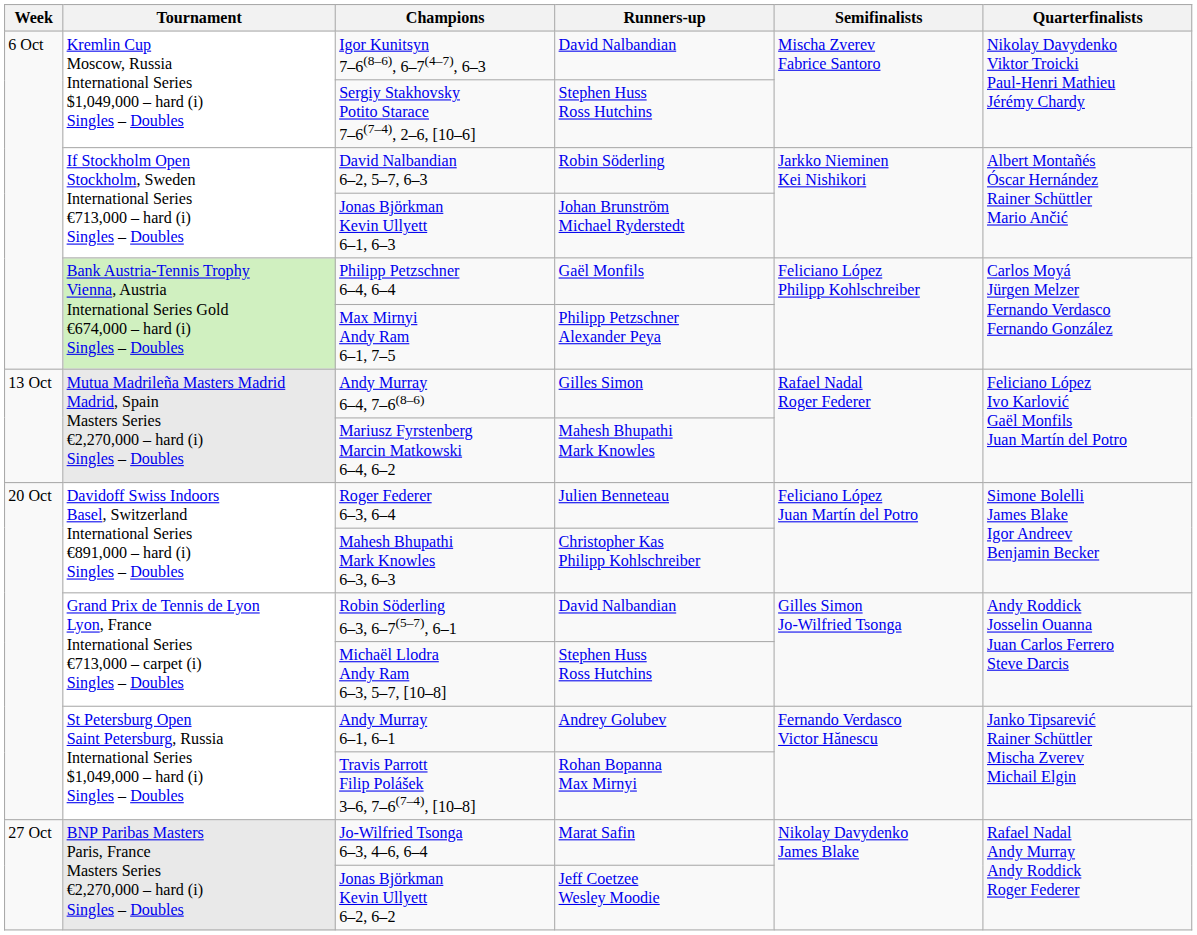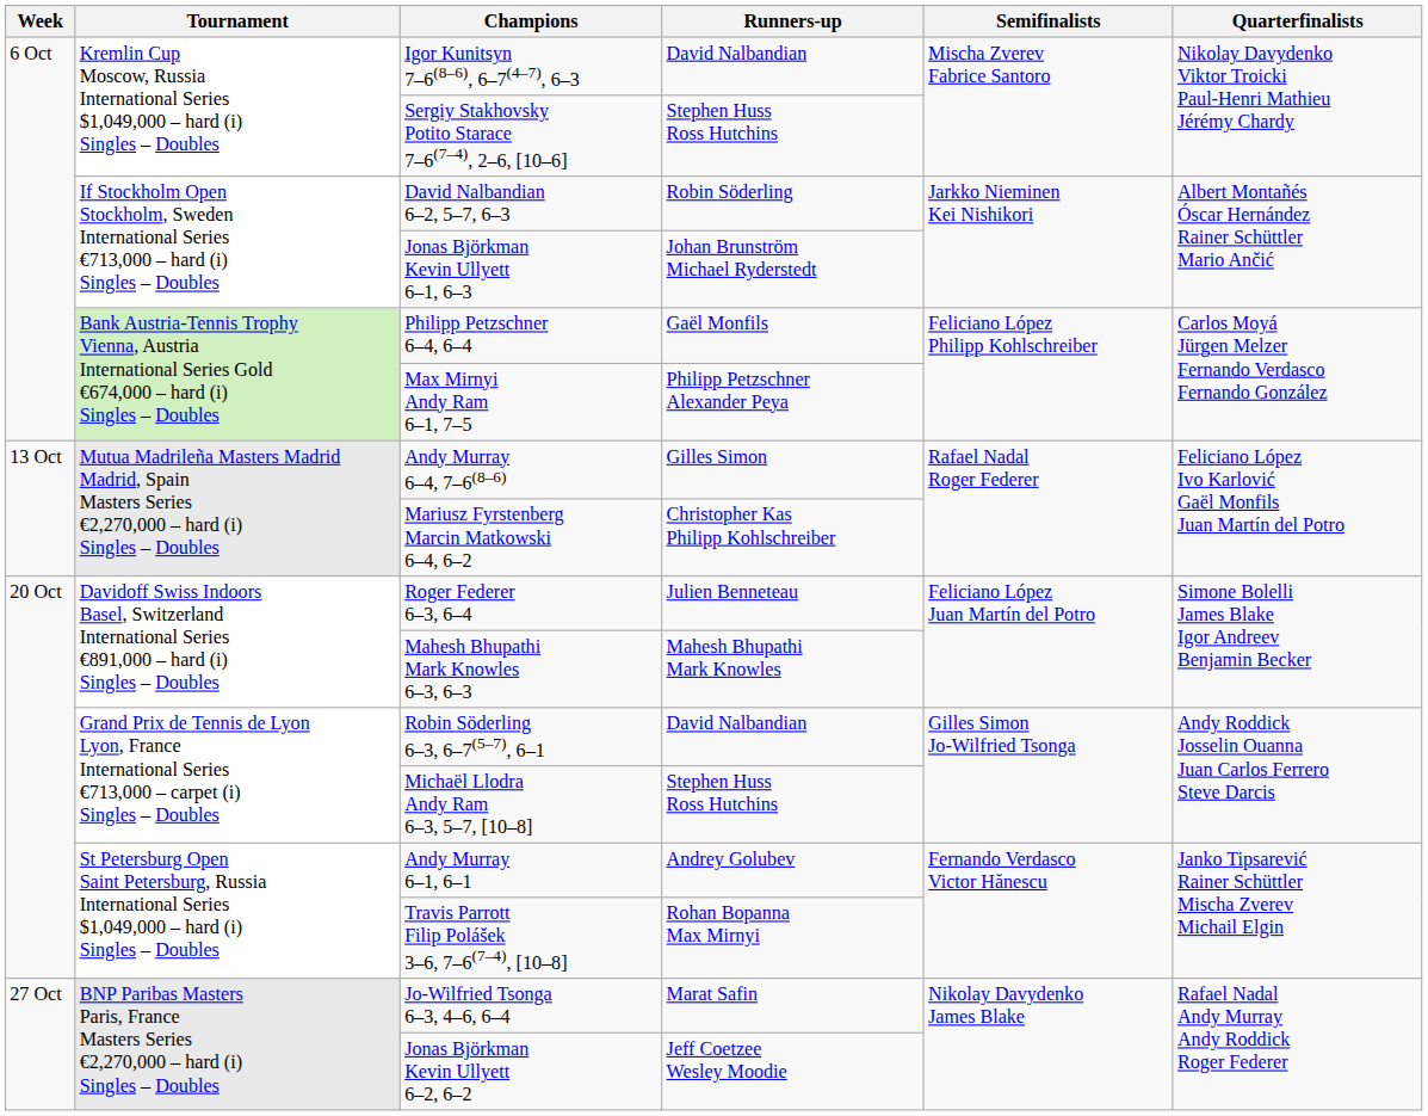 <table class=wikitable style=font-size:95%>
 <tr>
 <th style="width:48px;">Week</th>
 <th style="width:250px;">Tournament</th>
 <th style="width:200px;">Champions</th>
 <th style="width:200px;">Runners-up</th>
 <th style="width:190px;">Semifinalists</th>
 <th style="width:190px;">Quarterfinalists</th>
 </tr>
 <tr valign=top>
 <td rowspan=6>6 Oct</td>
 <td style="background:#FFF;" rowspan=2><a href='#'>Kremlin Cup</a><br> Moscow, Russia<br>International Series<br>$1,049,000 – hard (i) <br><a href='#'>Singles</a> – <a href='#'>Doubles</a></td>
 <td> <a href='#'>Igor Kunitsyn</a><br>7–6<sup>(8–6)</sup>, 6–7<sup>(4–7)</sup>, 6–3</td>
 <td> <a href='#'>David Nalbandian</a></td>
 <td rowspan=2> <a href='#'>Mischa Zverev</a> <br>  <a href='#'>Fabrice Santoro</a></td>
 <td rowspan=2> <a href='#'>Nikolay Davydenko</a><br> <a href='#'>Viktor Troicki</a><br> <a href='#'>Paul-Henri Mathieu</a><br> <a href='#'>Jérémy Chardy</a></td>
 </tr>
 <tr valign=top>
 <td> <a href='#'>Sergiy Stakhovsky</a> <br>  <a href='#'>Potito Starace</a><br>7–6<sup>(7–4)</sup>, 2–6, [10–6]</td>
 <td> <a href='#'>Stephen Huss</a> <br>  <a href='#'>Ross Hutchins</a></td>
 </tr>
 <tr valign=top>
 <td style="background:#FFF;" rowspan=2><a href='#'>If Stockholm Open</a><br> <a href='#'>Stockholm</a>, Sweden<br>International Series<br>€713,000 – hard (i) <br><a href='#'>Singles</a> – <a href='#'>Doubles</a></td>
 <td> <a href='#'>David Nalbandian</a><br>6–2, 5–7, 6–3</td>
 <td> <a href='#'>Robin Söderling</a></td>
 <td rowspan=2> <a href='#'>Jarkko Nieminen</a> <br>  <a href='#'>Kei Nishikori</a></td>
 <td rowspan=2> <a href='#'>Albert Montañés</a><br> <a href='#'>Óscar Hernández</a><br> <a href='#'>Rainer Schüttler</a><br> <a href='#'>Mario Ančić</a></td>
 </tr>
 <tr valign=top>
 <td> <a href='#'>Jonas Björkman</a> <br>  <a href='#'>Kevin Ullyett</a> <br> 6–1, 6–3</td>
 <td> <a href='#'>Johan Brunström</a> <br>  <a href='#'>Michael Ryderstedt</a></td>
 </tr>
 <tr valign=top>
 <td style="background:#d0f0c0;" rowspan=2><a href='#'>Bank Austria-Tennis Trophy</a><br> <a href='#'>Vienna</a>, Austria<br>International Series Gold<br>€674,000 – hard (i) <br><a href='#'>Singles</a> – <a href='#'>Doubles</a></td>
 <td> <a href='#'>Philipp Petzschner</a> <br> 6–4, 6–4</td>
 <td> <a href='#'>Gaël Monfils</a></td>
 <td rowspan=2> <a href='#'>Feliciano López</a> <br>  <a href='#'>Philipp Kohlschreiber</a></td>
 <td rowspan=2> <a href='#'>Carlos Moyá</a><br> <a href='#'>Jürgen Melzer</a><br> <a href='#'>Fernando Verdasco</a><br> <a href='#'>Fernando González</a></td>
 </tr>
 <tr valign=top>
 <td> <a href='#'>Max Mirnyi</a> <br>  <a href='#'>Andy Ram</a><br>6–1, 7–5</td>
 <td> <a href='#'>Philipp Petzschner</a> <br>  <a href='#'>Alexander Peya</a></td>
 </tr>
 <tr valign=top>
 <td rowspan=2>13 Oct</td>
 <td style="background:#E9E9E9;" rowspan=2><a href='#'>Mutua Madrileña Masters Madrid</a><br> <a href='#'>Madrid</a>, Spain<br>Masters Series<br>€2,270,000 – hard (i) <br><a href='#'>Singles</a> – <a href='#'>Doubles</a></td>
 <td> <a href='#'>Andy Murray</a> <br>6–4, 7–6<sup>(8–6)</sup></td>
 <td> <a href='#'>Gilles Simon</a></td>
 <td rowspan=2> <a href='#'>Rafael Nadal</a> <br>  <a href='#'>Roger Federer</a></td>
 <td rowspan=2> <a href='#'>Feliciano López</a> <br>  <a href='#'>Ivo Karlović</a> <br>  <a href='#'>Gaël Monfils</a> <br>  <a href='#'>Juan Martín del Potro</a></td>
 </tr>
 <tr valign=top>
 <td> <a href='#'>Mariusz Fyrstenberg</a> <br>  <a href='#'>Marcin Matkowski</a><br>6–4, 6–2</td>
-<td> <a href='#'>Mahesh Bhupathi</a> <br>  <a href='#'>Mark Knowles</a></td>
+<td> <a href='#'>Christopher Kas</a> <br>  <a href='#'>Philipp Kohlschreiber</a></td>
 </tr>
 <tr valign=top>
 <td rowspan=6>20 Oct</td>
 <td style="background:#FFF;" rowspan=2><a href='#'>Davidoff Swiss Indoors</a><br> <a href='#'>Basel</a>, Switzerland<br>International Series<br>€891,000 – hard (i) <br><a href='#'>Singles</a> – <a href='#'>Doubles</a></td>
 <td> <a href='#'>Roger Federer</a><br>6–3, 6–4</td>
 <td> <a href='#'>Julien Benneteau</a></td>
 <td rowspan=2> <a href='#'>Feliciano López</a><br> <a href='#'>Juan Martín del Potro</a></td>
 <td rowspan=2> <a href='#'>Simone Bolelli</a> <br>  <a href='#'>James Blake</a><br>  <a href='#'>Igor Andreev</a> <br>  <a href='#'>Benjamin Becker</a></td>
 </tr>
 <tr valign=top>
 <td> <a href='#'>Mahesh Bhupathi</a> <br>  <a href='#'>Mark Knowles</a><br>6–3, 6–3</td>
-<td> <a href='#'>Christopher Kas</a> <br>  <a href='#'>Philipp Kohlschreiber</a></td>
+<td> <a href='#'>Mahesh Bhupathi</a> <br>  <a href='#'>Mark Knowles</a></td>
 </tr>
 <tr valign=top>
 <td style="background:#FFF;" rowspan=2><a href='#'>Grand Prix de Tennis de Lyon</a><br> <a href='#'>Lyon</a>, France<br>International Series<br>€713,000 – carpet (i) <br><a href='#'>Singles</a> – <a href='#'>Doubles</a></td>
 <td> <a href='#'>Robin Söderling</a><br>6–3, 6–7<sup>(5–7)</sup>, 6–1</td>
 <td> <a href='#'>David Nalbandian</a></td>
 <td rowspan=2> <a href='#'>Gilles Simon</a><br> <a href='#'>Jo-Wilfried Tsonga</a></td>
 <td rowspan=2> <a href='#'>Andy Roddick</a><br>  <a href='#'>Josselin Ouanna</a> <br>  <a href='#'>Juan Carlos Ferrero</a> <br>  <a href='#'>Steve Darcis</a></td>
 </tr>
 <tr valign=top>
 <td> <a href='#'>Michaël Llodra</a> <br>  <a href='#'>Andy Ram</a> <br>6–3, 5–7, [10–8]</td>
 <td> <a href='#'>Stephen Huss</a> <br>  <a href='#'>Ross Hutchins</a></td>
 </tr>
 <tr valign=top>
 <td style="background:#FFF;" rowspan=2><a href='#'>St Petersburg Open</a><br> <a href='#'>Saint Petersburg</a>, Russia<br>International Series<br>$1,049,000 – hard (i) <br><a href='#'>Singles</a> – <a href='#'>Doubles</a></td>
 <td> <a href='#'>Andy Murray</a><br>6–1, 6–1</td>
 <td> <a href='#'>Andrey Golubev</a></td>
 <td rowspan=2> <a href='#'>Fernando Verdasco</a><br> <a href='#'>Victor Hănescu</a></td>
 <td rowspan=2> <a href='#'>Janko Tipsarević</a> <br>  <a href='#'>Rainer Schüttler</a> <br>  <a href='#'>Mischa Zverev</a> <br>  <a href='#'>Michail Elgin</a></td>
 </tr>
 <tr valign=top>
 <td> <a href='#'>Travis Parrott</a> <br>  <a href='#'>Filip Polášek</a><br>3–6, 7–6<sup>(7–4)</sup>, [10–8]</td>
 <td> <a href='#'>Rohan Bopanna</a> <br>  <a href='#'>Max Mirnyi</a></td>
 </tr>
 <tr valign=top>
 <td rowspan=2>27 Oct</td>
 <td style="background:#E9E9E9;" rowspan=2><a href='#'>BNP Paribas Masters</a><br> Paris, France<br>Masters Series<br>€2,270,000 – hard (i) <br> <a href='#'>Singles</a> – <a href='#'>Doubles</a></td>
 <td> <a href='#'>Jo-Wilfried Tsonga</a><br>6–3, 4–6, 6–4</td>
 <td> <a href='#'>Marat Safin</a></td>
 <td rowspan=2> <a href='#'>Nikolay Davydenko</a><br> <a href='#'>James Blake</a></td>
 <td rowspan=2> <a href='#'>Rafael Nadal</a> <br> <a href='#'>Andy Murray</a> <br> <a href='#'>Andy Roddick</a> <br> <a href='#'>Roger Federer</a></td>
 </tr>
 <tr valign=top>
 <td> <a href='#'>Jonas Björkman</a> <br>  <a href='#'>Kevin Ullyett</a> <br>6–2, 6–2</td>
 <td> <a href='#'>Jeff Coetzee</a> <br>  <a href='#'>Wesley Moodie</a></td>
 </tr>
 </table>
